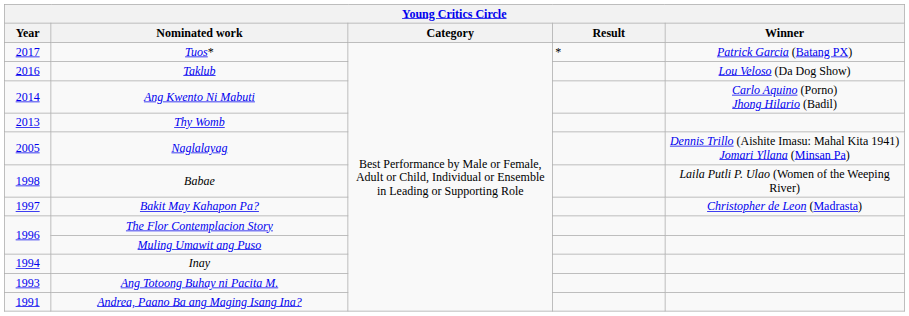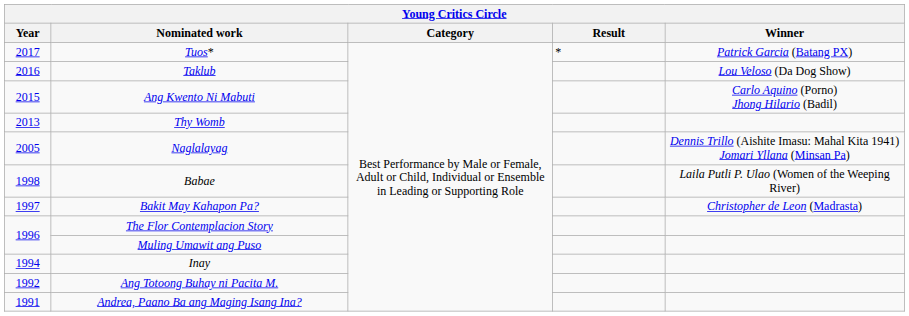 <table width="95%" class="wikitable sortable">
 <tr>
 <th colspan="5" align="center"><a href='#'>Young Critics Circle</a></th>
 </tr>
 <tr>
 <th width="33">Year</th>
 <th width="250">Nominated work</th>
 <th width="170">Category</th>
 <th width="90">Result</th>
 <th width="200">Winner</th>
 </tr>
 <tr>
 <td align="center"><a href='#'>2017</a></td>
 <td align="center"><em><a href='#'>Tuos</a></em>*</td>
 <td align="center" rowspan=12>Best Performance by Male or Female, Adult or Child, Individual or Ensemble in Leading or Supporting Role</td>
 <td>*</td>
 <td align="center"><em><a href='#'>Patrick Garcia</a></em> (<a href='#'>Batang PX</a>)</td>
 </tr>
 <tr>
 <td align="center"><a href='#'>2016</a></td>
 <td align="center"><em><a href='#'>Taklub</a></em></td>
 <td></td>
 <td align="center"><em><a href='#'>Lou Veloso</a></em> (Da Dog Show)</td>
 </tr>
 <tr>
-<td align="center"><a href='#'>2014</a></td>
+<td align="center"><a href='#'>2015</a></td>
 <td align="center"><em><a href='#'>Ang Kwento Ni Mabuti</a></em></td>
 <td></td>
 <td align="center"><em><a href='#'>Carlo Aquino</a></em> (Porno)<br> <em><a href='#'>Jhong Hilario</a></em> (Badil)</td>
 </tr>
 <tr>
 <td align="center"><a href='#'>2013</a></td>
 <td align="center"><em><a href='#'>Thy Womb</a></em></td>
 <td></td>
 <td></td>
 </tr>
 <tr>
 <td align="center"><a href='#'>2005</a></td>
 <td align="center"><em><a href='#'>Naglalayag</a></em></td>
 <td></td>
 <td align="center"><em><a href='#'>Dennis Trillo</a></em> (Aishite Imasu: Mahal Kita 1941)<br> <em><a href='#'>Jomari Yllana</a></em> (<a href='#'>Minsan Pa</a>)</td>
 </tr>
 <tr>
 <td align="center"><a href='#'>1998</a></td>
 <td align="center"><em>Babae</em></td>
 <td></td>
 <td align="center"><em>Laila Putli P. Ulao</em>  (Women of the Weeping River)</td>
 </tr>
 <tr>
 <td align="center"><a href='#'>1997</a></td>
 <td align="center"><em><a href='#'>Bakit May Kahapon Pa?</a></em></td>
 <td></td>
 <td align="center"><em><a href='#'>Christopher de Leon</a></em> (<a href='#'>Madrasta</a>)</td>
 </tr>
 <tr>
 <td rowspan="2" align="center"><a href='#'>1996</a></td>
 <td align="center"><em><a href='#'>The Flor Contemplacion Story</a></em></td>
 <td></td>
 <td></td>
 </tr>
 <tr>
 <td align="center"><em><a href='#'>Muling Umawit ang Puso</a></em></td>
 <td></td>
 <td></td>
 </tr>
 <tr>
 <td align="center"><a href='#'>1994</a></td>
 <td align="center"><em>Inay</em></td>
 <td></td>
 <td></td>
 </tr>
 <tr>
-<td align="center"><a href='#'>1993</a></td>
+<td align="center"><a href='#'>1992</a></td>
 <td align="center"><em><a href='#'>Ang Totoong Buhay ni Pacita M.</a></em></td>
 <td></td>
 <td></td>
 </tr>
 <tr>
 <td align="center"><a href='#'>1991</a></td>
 <td align="center"><em><a href='#'>Andrea, Paano Ba ang Maging Isang Ina?</a></em></td>
 <td></td>
 <td></td>
 </tr>
 </table>
